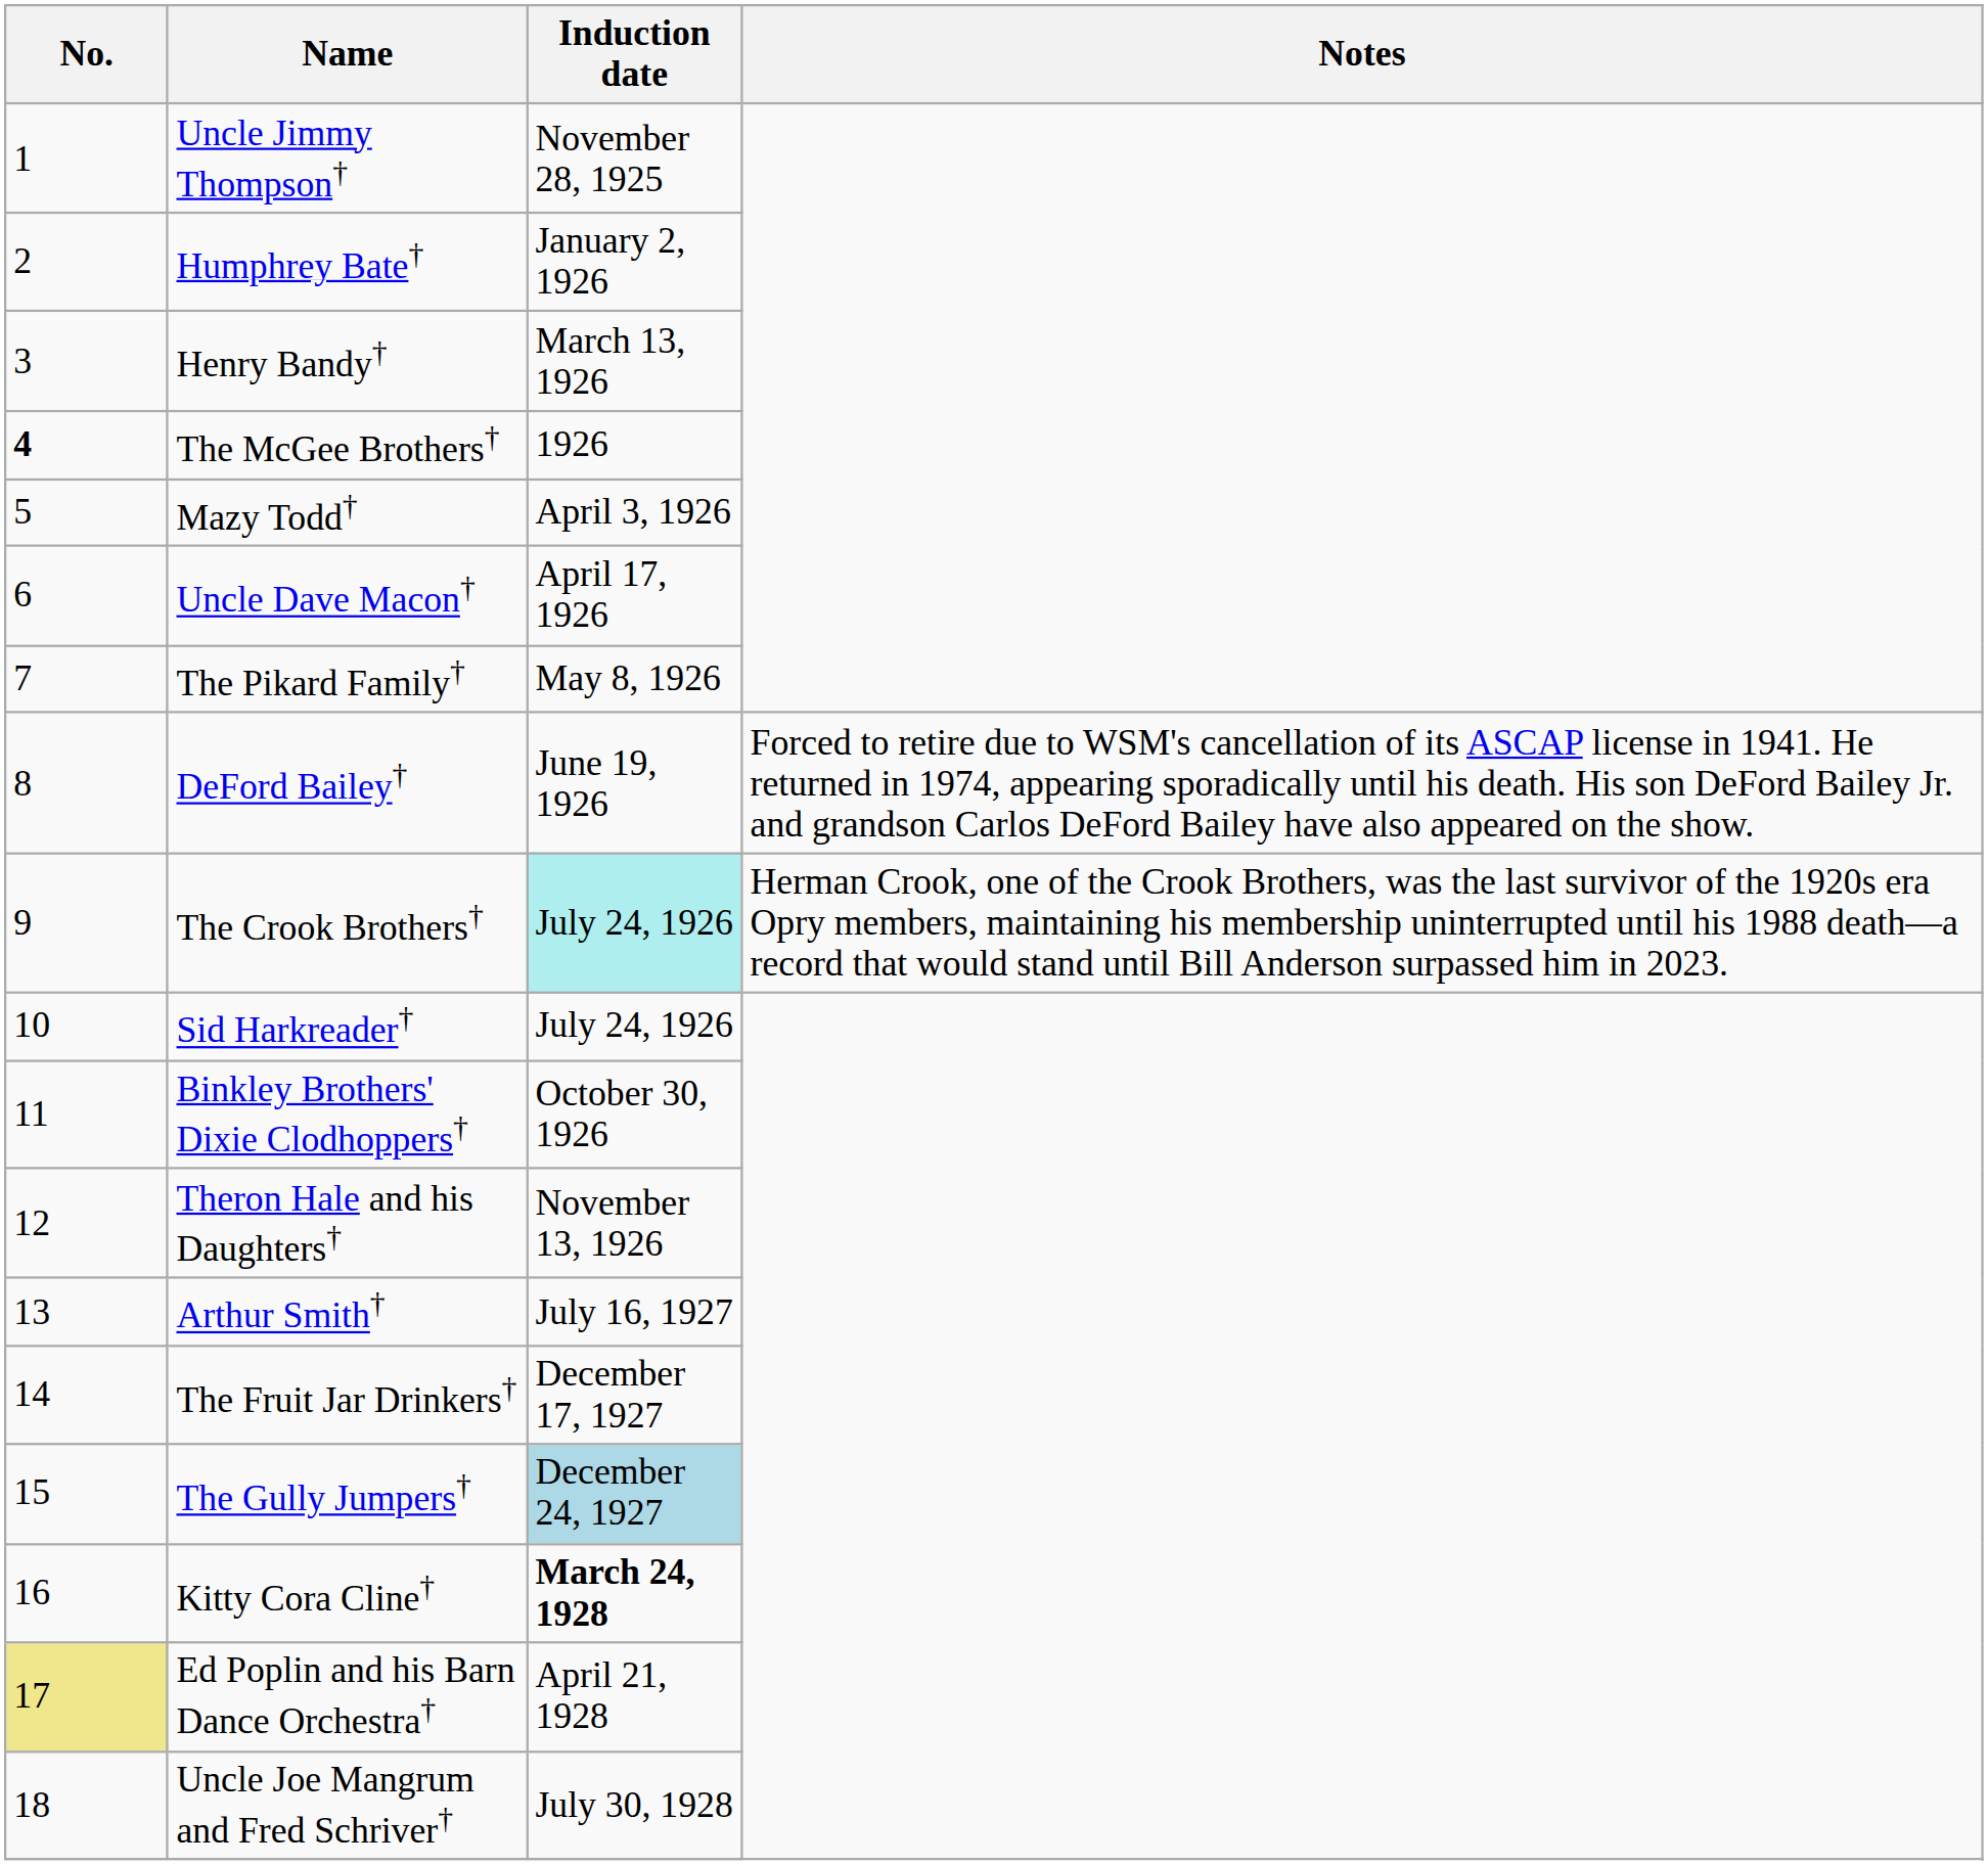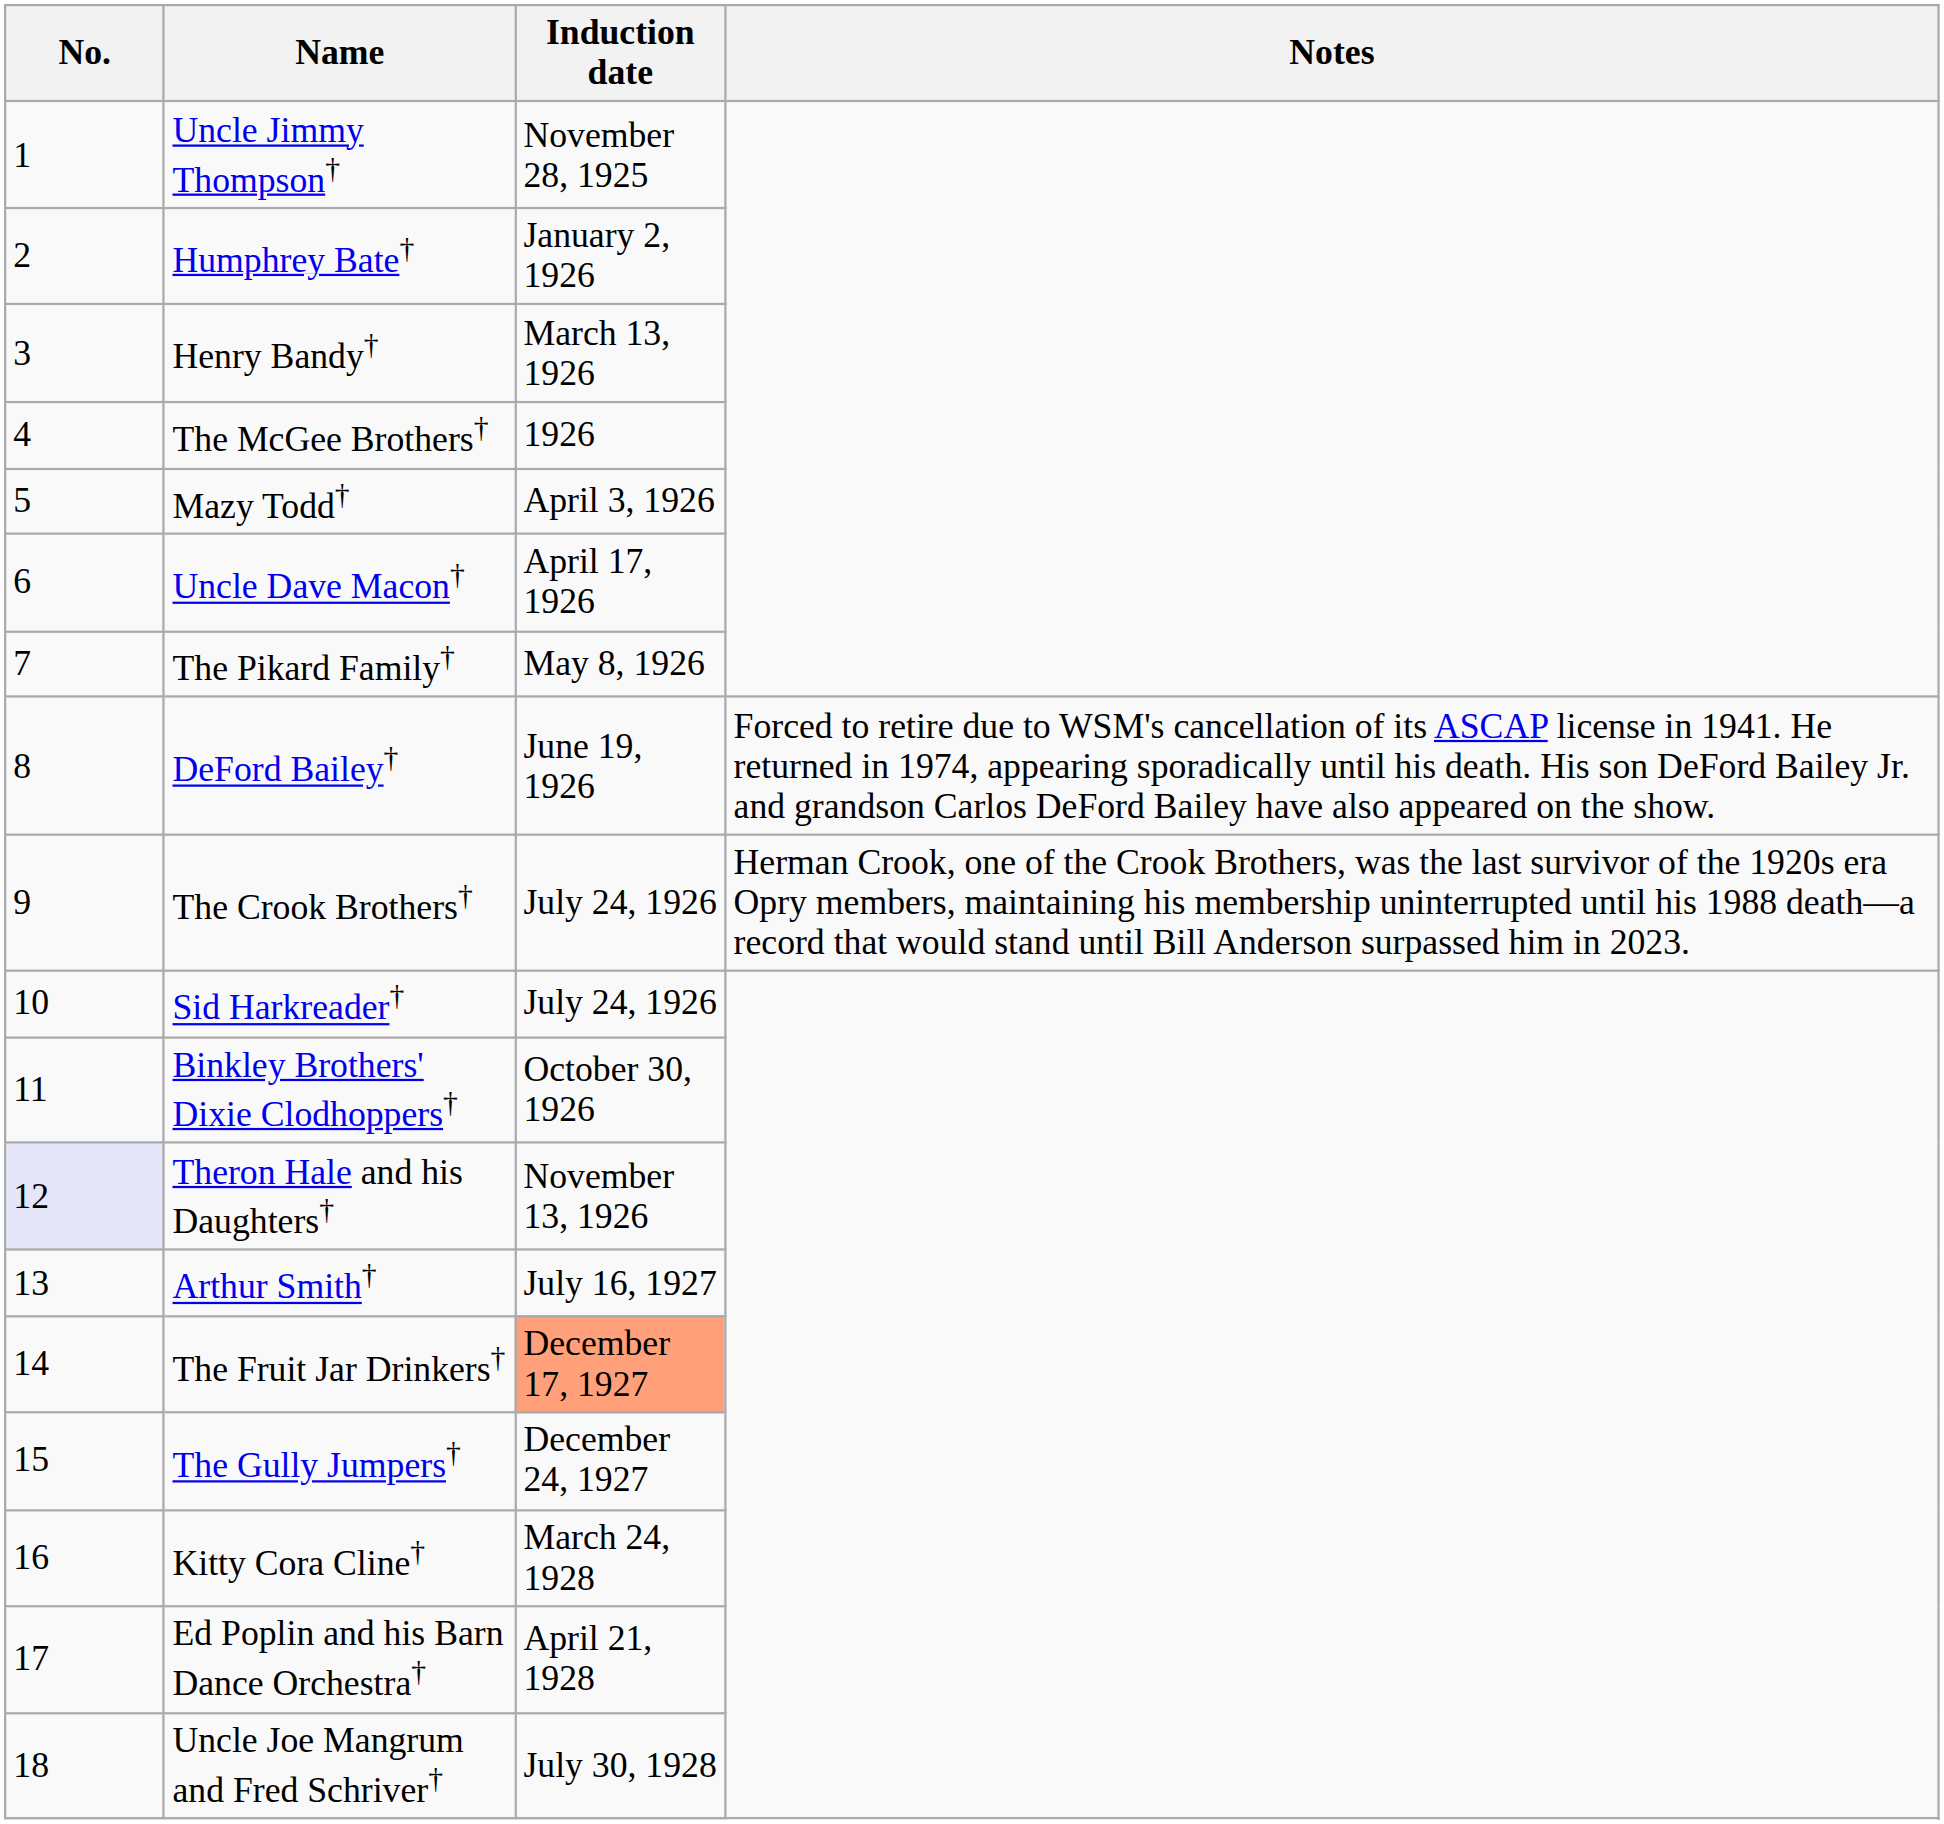 <table class="wikitable sortable">
 <tr>
 <th scope="col" style="width:4em;">No.</th>
 <th scope="col" style="width:150px;">Name</th>
 <th scope="col" class="unsortable" >Induction date</th>
 <th scope="col" class="unsortable">Notes</th>
 </tr>
 <tr>
 <td>1</td>
 <td><a href='#'>Uncle Jimmy Thompson</a><sup>†</sup></td>
 <td>November 28, 1925</td>
 </tr>
 <tr>
 <td>2</td>
 <td><a href='#'>Humphrey Bate</a><sup>†</sup></td>
 <td>January 2, 1926</td>
 </tr>
 <tr>
 <td>3</td>
 <td>Henry Bandy<sup>†</sup></td>
 <td>March 13, 1926</td>
 </tr>
 <tr>
-<td><strong>4</strong></td>
+<td>4</td>
 <td>The McGee Brothers<sup>†</sup></td>
 <td>1926</td>
 </tr>
 <tr>
 <td>5</td>
 <td>Mazy Todd<sup>†</sup></td>
 <td>April 3, 1926</td>
 </tr>
 <tr>
 <td>6</td>
 <td><a href='#'>Uncle Dave Macon</a><sup>†</sup></td>
 <td>April 17, 1926</td>
 </tr>
 <tr>
 <td>7</td>
 <td>The Pikard Family<sup>†</sup></td>
 <td>May 8, 1926</td>
 </tr>
 <tr>
 <td>8</td>
 <td><a href='#'>DeFord Bailey</a><sup>†</sup></td>
 <td>June 19, 1926</td>
 <td>Forced to retire due to WSM's cancellation of its <a href='#'>ASCAP</a> license in 1941. He returned in 1974, appearing sporadically until his death. His son DeFord Bailey Jr. and grandson Carlos DeFord Bailey have also appeared on the show.</td>
 </tr>
 <tr>
 <td>9</td>
 <td>The Crook Brothers<sup>†</sup></td>
-<td style="background: paleturquoise;">July 24, 1926</td>
+<td>July 24, 1926</td>
 <td>Herman Crook, one of the Crook Brothers, was the last survivor of the 1920s era Opry members, maintaining his membership uninterrupted until his 1988 death—a record that would stand until Bill Anderson surpassed him in 2023.</td>
 </tr>
 <tr>
 <td>10</td>
 <td><a href='#'>Sid Harkreader</a><sup>†</sup></td>
 <td>July 24, 1926</td>
 </tr>
 <tr>
 <td>11</td>
 <td><a href='#'>Binkley Brothers' Dixie Clodhoppers</a><sup>†</sup></td>
 <td>October 30, 1926</td>
 </tr>
 <tr>
-<td>12</td>
+<td style="background: lavender;">12</td>
 <td><a href='#'>Theron Hale</a> and his Daughters<sup>†</sup></td>
 <td>November 13, 1926</td>
 </tr>
 <tr>
 <td>13</td>
 <td><a href='#'>Arthur Smith</a><sup>†</sup></td>
 <td>July 16, 1927</td>
 </tr>
 <tr>
 <td>14</td>
 <td>The Fruit Jar Drinkers<sup>†</sup></td>
-<td>December 17, 1927</td>
+<td style="background: lightsalmon;">December 17, 1927</td>
 </tr>
 <tr>
 <td>15</td>
 <td><a href='#'>The Gully Jumpers</a><sup>†</sup></td>
-<td style="background: lightblue;">December 24, 1927</td>
+<td>December 24, 1927</td>
 </tr>
 <tr>
 <td>16</td>
 <td>Kitty Cora Cline<sup>†</sup></td>
-<td><strong>March 24, 1928</strong></td>
+<td>March 24, 1928</td>
 </tr>
 <tr>
-<td style="background: khaki;">17</td>
+<td>17</td>
 <td>Ed Poplin and his Barn Dance Orchestra<sup>†</sup></td>
 <td>April 21, 1928</td>
 </tr>
 <tr>
 <td>18</td>
 <td>Uncle Joe Mangrum and Fred Schriver<sup>†</sup></td>
 <td>July 30, 1928</td>
 </tr>
 <tr>
 </tr>
 </table>
